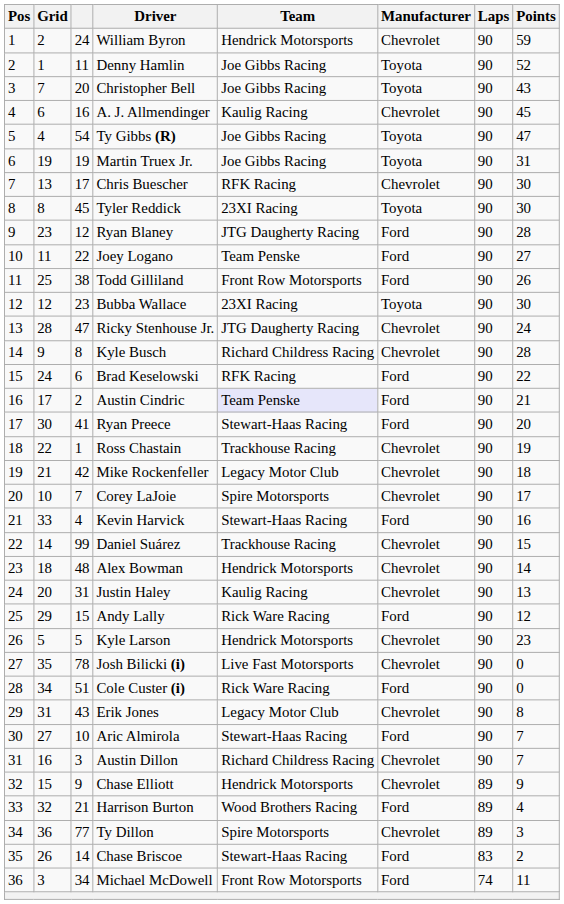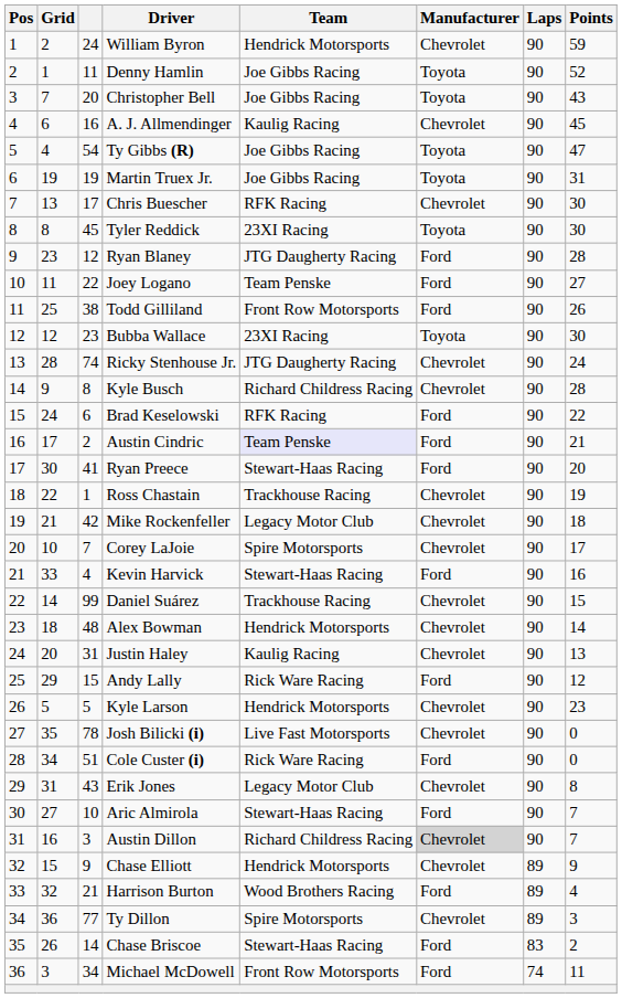 <table class="wikitable" style="font-size:98%">
 <tr>
 <th>Pos</th>
 <th>Grid</th>
 <th></th>
 <th>Driver</th>
 <th>Team</th>
 <th>Manufacturer</th>
 <th>Laps</th>
 <th>Points</th>
 </tr>
 <tr>
 <td>1</td>
 <td>2</td>
 <td>24</td>
 <td>William Byron</td>
 <td>Hendrick Motorsports</td>
 <td>Chevrolet</td>
 <td>90</td>
 <td>59</td>
 </tr>
 <tr>
 <td>2</td>
 <td>1</td>
 <td>11</td>
 <td>Denny Hamlin</td>
 <td>Joe Gibbs Racing</td>
 <td>Toyota</td>
 <td>90</td>
 <td>52</td>
 </tr>
 <tr>
 <td>3</td>
 <td>7</td>
 <td>20</td>
 <td>Christopher Bell</td>
 <td>Joe Gibbs Racing</td>
 <td>Toyota</td>
 <td>90</td>
 <td>43</td>
 </tr>
 <tr>
 <td>4</td>
 <td>6</td>
 <td>16</td>
 <td>A. J. Allmendinger</td>
 <td>Kaulig Racing</td>
 <td>Chevrolet</td>
 <td>90</td>
 <td>45</td>
 </tr>
 <tr>
 <td>5</td>
 <td>4</td>
 <td>54</td>
 <td>Ty Gibbs <strong>(R)</strong></td>
 <td>Joe Gibbs Racing</td>
 <td>Toyota</td>
 <td>90</td>
 <td>47</td>
 </tr>
 <tr>
 <td>6</td>
 <td>19</td>
 <td>19</td>
 <td>Martin Truex Jr.</td>
 <td>Joe Gibbs Racing</td>
 <td>Toyota</td>
 <td>90</td>
 <td>31</td>
 </tr>
 <tr>
 <td>7</td>
 <td>13</td>
 <td>17</td>
 <td>Chris Buescher</td>
 <td>RFK Racing</td>
 <td>Chevrolet</td>
 <td>90</td>
 <td>30</td>
 </tr>
 <tr>
 <td>8</td>
 <td>8</td>
 <td>45</td>
 <td>Tyler Reddick</td>
 <td>23XI Racing</td>
 <td>Toyota</td>
 <td>90</td>
 <td>30</td>
 </tr>
 <tr>
 <td>9</td>
 <td>23</td>
 <td>12</td>
 <td>Ryan Blaney</td>
 <td>JTG Daugherty Racing</td>
 <td>Ford</td>
 <td>90</td>
 <td>28</td>
 </tr>
 <tr>
 <td>10</td>
 <td>11</td>
 <td>22</td>
 <td>Joey Logano</td>
 <td>Team Penske</td>
 <td>Ford</td>
 <td>90</td>
 <td>27</td>
 </tr>
 <tr>
 <td>11</td>
 <td>25</td>
 <td>38</td>
 <td>Todd Gilliland</td>
 <td>Front Row Motorsports</td>
 <td>Ford</td>
 <td>90</td>
 <td>26</td>
 </tr>
 <tr>
 <td>12</td>
 <td>12</td>
 <td>23</td>
 <td>Bubba Wallace</td>
 <td>23XI Racing</td>
 <td>Toyota</td>
 <td>90</td>
 <td>30</td>
 </tr>
 <tr>
 <td>13</td>
 <td>28</td>
-<td>47</td>
+<td>74</td>
 <td>Ricky Stenhouse Jr.</td>
 <td>JTG Daugherty Racing</td>
 <td>Chevrolet</td>
 <td>90</td>
 <td>24</td>
 </tr>
 <tr>
 <td>14</td>
 <td>9</td>
 <td>8</td>
 <td>Kyle Busch</td>
 <td>Richard Childress Racing</td>
 <td>Chevrolet</td>
 <td>90</td>
 <td>28</td>
 </tr>
 <tr>
 <td>15</td>
 <td>24</td>
 <td>6</td>
 <td>Brad Keselowski</td>
 <td>RFK Racing</td>
 <td>Ford</td>
 <td>90</td>
 <td>22</td>
 </tr>
 <tr>
 <td>16</td>
 <td>17</td>
 <td>2</td>
 <td>Austin Cindric</td>
 <td style="background: lavender;">Team Penske</td>
 <td>Ford</td>
 <td>90</td>
 <td>21</td>
 </tr>
 <tr>
 <td>17</td>
 <td>30</td>
 <td>41</td>
 <td>Ryan Preece</td>
 <td>Stewart-Haas Racing</td>
 <td>Ford</td>
 <td>90</td>
 <td>20</td>
 </tr>
 <tr>
 <td>18</td>
 <td>22</td>
 <td>1</td>
 <td>Ross Chastain</td>
 <td>Trackhouse Racing</td>
 <td>Chevrolet</td>
 <td>90</td>
 <td>19</td>
 </tr>
 <tr>
 <td>19</td>
 <td>21</td>
 <td>42</td>
 <td>Mike Rockenfeller</td>
 <td>Legacy Motor Club</td>
 <td>Chevrolet</td>
 <td>90</td>
 <td>18</td>
 </tr>
 <tr>
 <td>20</td>
 <td>10</td>
 <td>7</td>
 <td>Corey LaJoie</td>
 <td>Spire Motorsports</td>
 <td>Chevrolet</td>
 <td>90</td>
 <td>17</td>
 </tr>
 <tr>
 <td>21</td>
 <td>33</td>
 <td>4</td>
 <td>Kevin Harvick</td>
 <td>Stewart-Haas Racing</td>
 <td>Ford</td>
 <td>90</td>
 <td>16</td>
 </tr>
 <tr>
 <td>22</td>
 <td>14</td>
 <td>99</td>
 <td>Daniel Suárez</td>
 <td>Trackhouse Racing</td>
 <td>Chevrolet</td>
 <td>90</td>
 <td>15</td>
 </tr>
 <tr>
 <td>23</td>
 <td>18</td>
 <td>48</td>
 <td>Alex Bowman</td>
 <td>Hendrick Motorsports</td>
 <td>Chevrolet</td>
 <td>90</td>
 <td>14</td>
 </tr>
 <tr>
 <td>24</td>
 <td>20</td>
 <td>31</td>
 <td>Justin Haley</td>
 <td>Kaulig Racing</td>
 <td>Chevrolet</td>
 <td>90</td>
 <td>13</td>
 </tr>
 <tr>
 <td>25</td>
 <td>29</td>
 <td>15</td>
 <td>Andy Lally</td>
 <td>Rick Ware Racing</td>
 <td>Ford</td>
 <td>90</td>
 <td>12</td>
 </tr>
 <tr>
 <td>26</td>
 <td>5</td>
 <td>5</td>
 <td>Kyle Larson</td>
 <td>Hendrick Motorsports</td>
 <td>Chevrolet</td>
 <td>90</td>
 <td>23</td>
 </tr>
 <tr>
 <td>27</td>
 <td>35</td>
 <td>78</td>
 <td>Josh Bilicki <strong>(i)</strong></td>
 <td>Live Fast Motorsports</td>
 <td>Chevrolet</td>
 <td>90</td>
 <td>0</td>
 </tr>
 <tr>
 <td>28</td>
 <td>34</td>
 <td>51</td>
 <td>Cole Custer <strong>(i)</strong></td>
 <td>Rick Ware Racing</td>
 <td>Ford</td>
 <td>90</td>
 <td>0</td>
 </tr>
 <tr>
 <td>29</td>
 <td>31</td>
 <td>43</td>
 <td>Erik Jones</td>
 <td>Legacy Motor Club</td>
 <td>Chevrolet</td>
 <td>90</td>
 <td>8</td>
 </tr>
 <tr>
 <td>30</td>
 <td>27</td>
 <td>10</td>
 <td>Aric Almirola</td>
 <td>Stewart-Haas Racing</td>
 <td>Ford</td>
 <td>90</td>
 <td>7</td>
 </tr>
 <tr>
 <td>31</td>
 <td>16</td>
 <td>3</td>
 <td>Austin Dillon</td>
 <td>Richard Childress Racing</td>
-<td>Chevrolet</td>
+<td style="background: lightgrey;">Chevrolet</td>
 <td>90</td>
 <td>7</td>
 </tr>
 <tr>
 <td>32</td>
 <td>15</td>
 <td>9</td>
 <td>Chase Elliott</td>
 <td>Hendrick Motorsports</td>
 <td>Chevrolet</td>
 <td>89</td>
 <td>9</td>
 </tr>
 <tr>
 <td>33</td>
 <td>32</td>
 <td>21</td>
 <td>Harrison Burton</td>
 <td>Wood Brothers Racing</td>
 <td>Ford</td>
 <td>89</td>
 <td>4</td>
 </tr>
 <tr>
 <td>34</td>
 <td>36</td>
 <td>77</td>
 <td>Ty Dillon</td>
 <td>Spire Motorsports</td>
 <td>Chevrolet</td>
 <td>89</td>
 <td>3</td>
 </tr>
 <tr>
 <td>35</td>
 <td>26</td>
 <td>14</td>
 <td>Chase Briscoe</td>
 <td>Stewart-Haas Racing</td>
 <td>Ford</td>
 <td>83</td>
 <td>2</td>
 </tr>
 <tr>
 <td>36</td>
 <td>3</td>
 <td>34</td>
 <td>Michael McDowell</td>
 <td>Front Row Motorsports</td>
 <td>Ford</td>
 <td>74</td>
 <td>11</td>
 </tr>
 <tr>
 <th colspan="8"></th>
 </tr>
 </table>
